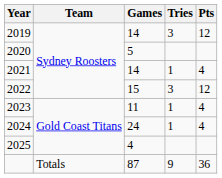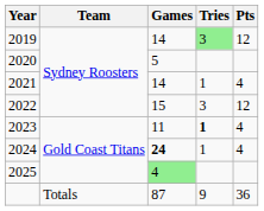 <table class="wikitable">
 <tr>
 <th>Year</th>
 <th>Team</th>
 <th>Games</th>
 <th>Tries</th>
 <th>Pts</th>
 </tr>
 <tr>
 <td>2019</td>
 <td rowspan="4"> <a href='#'>Sydney Roosters</a></td>
 <td>14</td>
-<td>3</td>
+<td style="background: lightgreen;">3</td>
 <td>12</td>
 </tr>
 <tr>
 <td>2020</td>
 <td>5</td>
 <td></td>
 <td></td>
 </tr>
 <tr>
 <td>2021</td>
 <td>14</td>
 <td>1</td>
 <td>4</td>
 </tr>
 <tr>
 <td>2022</td>
 <td>15</td>
 <td>3</td>
 <td>12</td>
 </tr>
 <tr>
 <td>2023</td>
 <td rowspan="3"> <a href='#'>Gold Coast Titans</a></td>
 <td>11</td>
-<td>1</td>
+<td><strong>1</strong></td>
 <td>4</td>
 </tr>
 <tr>
 <td>2024</td>
-<td>24</td>
+<td><strong>24</strong></td>
 <td>1</td>
 <td>4</td>
 </tr>
 <tr>
 <td>2025</td>
-<td>4</td>
+<td style="background: lightgreen;">4</td>
 <td></td>
 <td></td>
 </tr>
 <tr>
 <td></td>
 <td>Totals</td>
 <td>87</td>
 <td>9</td>
 <td>36</td>
 </tr>
 </table>
